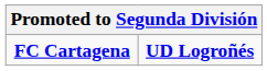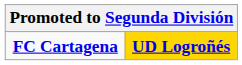 <table class="wikitable" style="text-align: center; margin: 0 auto;">
 <tr>
 <th colspan="2">Promoted to <a href='#'>Segunda División</a></th>
 </tr>
 <tr>
 <td><strong><a href='#'>FC Cartagena</a></strong><br></td>
-<td><strong><a href='#'>UD Logroñés</a></strong><br></td>
+<td style="background: gold;"><strong><a href='#'>UD Logroñés</a></strong><br></td>
 </tr>
 </table>
